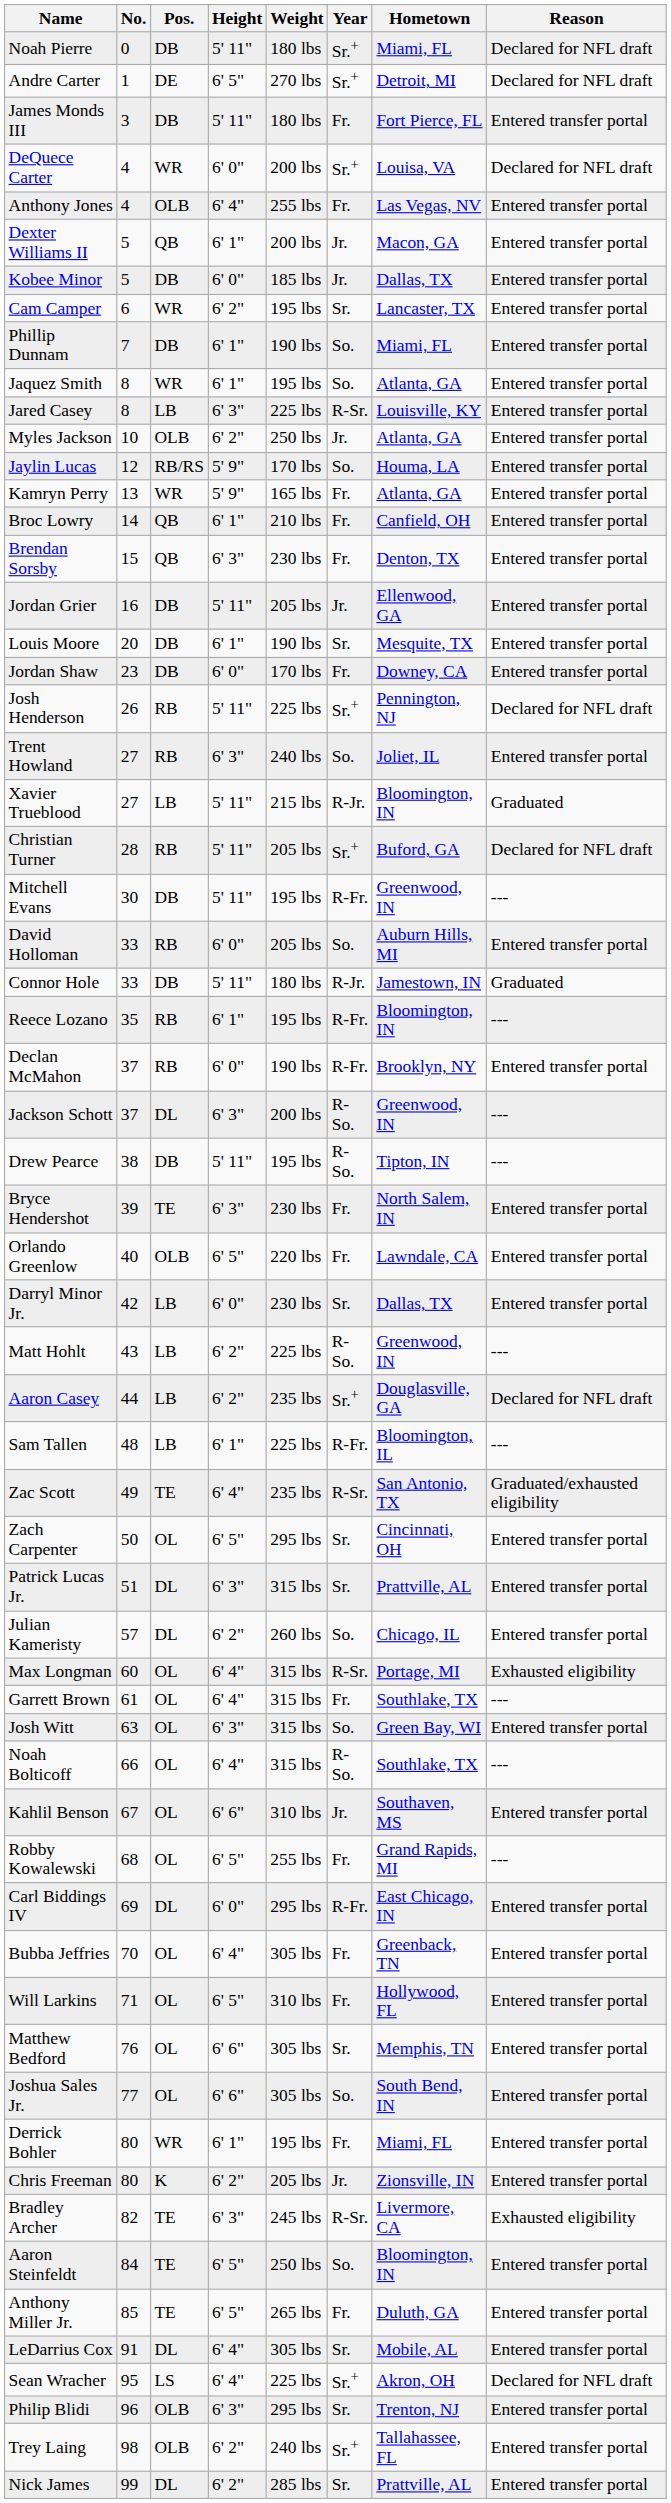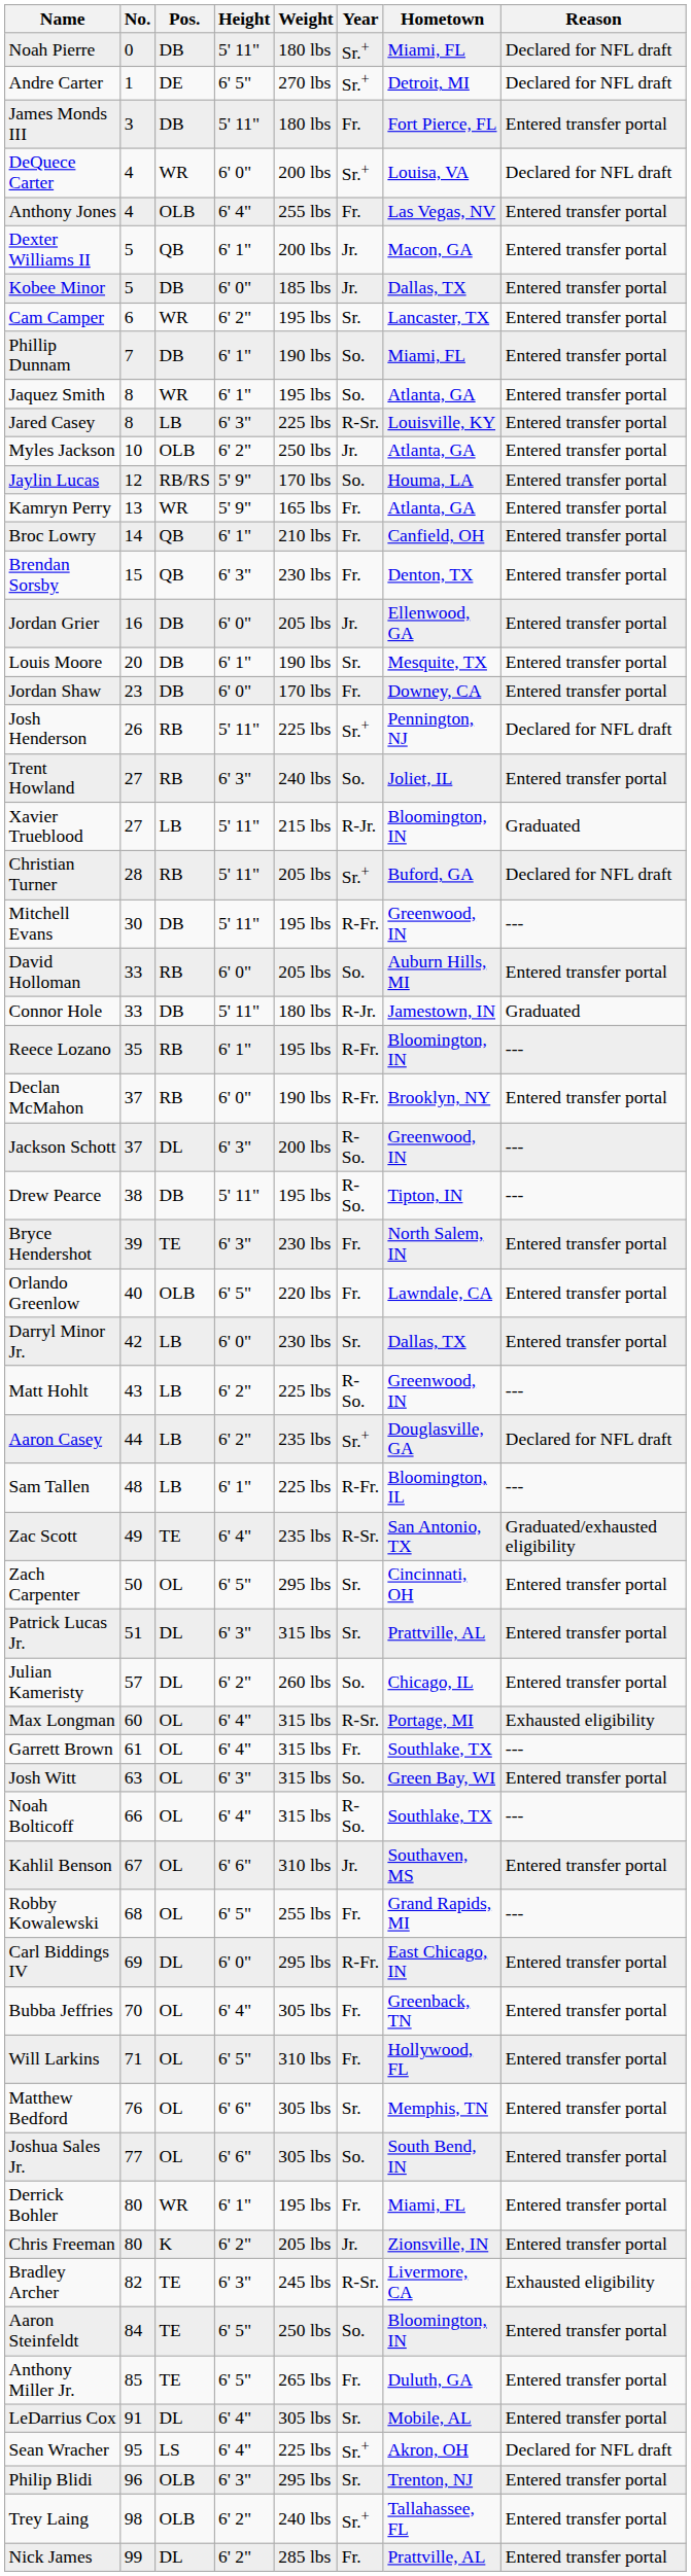 <table class="wikitable sortable" style="text-align:left">
 <tr>
 <th>Name</th>
 <th>No.</th>
 <th>Pos.</th>
 <th>Height</th>
 <th>Weight</th>
 <th>Year</th>
 <th>Hometown</th>
 <th>Reason</th>
 </tr>
 <tr style="background:#eeeeee;">
 <td>Noah Pierre</td>
 <td>0</td>
 <td>DB</td>
 <td>5' 11"</td>
 <td>180 lbs</td>
 <td> Sr.<sup>+</sup></td>
 <td><a href='#'>Miami, FL</a></td>
 <td>Declared for NFL draft</td>
 </tr>
 <tr>
 <td>Andre Carter</td>
 <td>1</td>
 <td>DE</td>
 <td>6' 5"</td>
 <td>270 lbs</td>
 <td> Sr.<sup>+</sup></td>
 <td><a href='#'>Detroit, MI</a></td>
 <td>Declared for NFL draft</td>
 </tr>
 <tr style="background:#eeeeee;">
 <td>James Monds III</td>
 <td>3</td>
 <td>DB</td>
 <td>5' 11"</td>
 <td>180 lbs</td>
 <td> Fr.</td>
 <td><a href='#'>Fort Pierce, FL</a></td>
 <td>Entered transfer portal</td>
 </tr>
 <tr>
 <td><a href='#'>DeQuece Carter</a></td>
 <td>4</td>
 <td>WR</td>
 <td>6' 0"</td>
 <td>200 lbs</td>
 <td>Sr.<sup>+</sup></td>
 <td><a href='#'>Louisa, VA</a></td>
 <td>Declared for NFL draft</td>
 </tr>
 <tr style="background:#eeeeee;">
 <td>Anthony Jones</td>
 <td>4</td>
 <td>OLB</td>
 <td>6' 4"</td>
 <td>255 lbs</td>
 <td> Fr.</td>
 <td><a href='#'>Las Vegas, NV</a></td>
 <td>Entered transfer portal</td>
 </tr>
 <tr>
 <td><a href='#'>Dexter Williams II</a></td>
 <td>5</td>
 <td>QB</td>
 <td>6' 1"</td>
 <td>200 lbs</td>
 <td> Jr.</td>
 <td><a href='#'>Macon, GA</a></td>
 <td>Entered transfer portal</td>
 </tr>
 <tr style="background:#eeeeee;">
 <td><a href='#'>Kobee Minor</a></td>
 <td>5</td>
 <td>DB</td>
 <td>6' 0"</td>
 <td>185 lbs</td>
 <td> Jr.</td>
 <td><a href='#'>Dallas, TX</a></td>
 <td>Entered transfer portal</td>
 </tr>
 <tr>
 <td><a href='#'>Cam Camper</a></td>
 <td>6</td>
 <td>WR</td>
 <td>6' 2"</td>
 <td>195 lbs</td>
 <td>Sr.</td>
 <td><a href='#'>Lancaster, TX</a></td>
 <td>Entered transfer portal</td>
 </tr>
 <tr style="background:#eeeeee;">
 <td>Phillip Dunnam</td>
 <td>7</td>
 <td>DB</td>
 <td>6' 1"</td>
 <td>190 lbs</td>
 <td>So.</td>
 <td><a href='#'>Miami, FL</a></td>
 <td>Entered transfer portal</td>
 </tr>
 <tr>
 <td>Jaquez Smith</td>
 <td>8</td>
 <td>WR</td>
 <td>6' 1"</td>
 <td>195 lbs</td>
 <td> So.</td>
 <td><a href='#'>Atlanta, GA</a></td>
 <td>Entered transfer portal</td>
 </tr>
 <tr style="background:#eeeeee;">
 <td>Jared Casey</td>
 <td>8</td>
 <td>LB</td>
 <td>6' 3"</td>
 <td>225 lbs</td>
 <td>R-Sr.</td>
 <td><a href='#'>Louisville, KY</a></td>
 <td>Entered transfer portal</td>
 </tr>
 <tr>
 <td>Myles Jackson</td>
 <td>10</td>
 <td>OLB</td>
 <td>6' 2"</td>
 <td>250 lbs</td>
 <td> Jr.</td>
 <td><a href='#'>Atlanta, GA</a></td>
 <td>Entered transfer portal</td>
 </tr>
 <tr style="background:#eeeeee;">
 <td><a href='#'>Jaylin Lucas</a></td>
 <td>12</td>
 <td>RB/RS</td>
 <td>5' 9"</td>
 <td>170 lbs</td>
 <td>So.</td>
 <td><a href='#'>Houma, LA</a></td>
 <td>Entered transfer portal</td>
 </tr>
 <tr>
 <td>Kamryn Perry</td>
 <td>13</td>
 <td>WR</td>
 <td>5' 9"</td>
 <td>165 lbs</td>
 <td> Fr.</td>
 <td><a href='#'>Atlanta, GA</a></td>
 <td>Entered transfer portal</td>
 </tr>
 <tr style="background:#eeeeee;">
 <td>Broc Lowry</td>
 <td>14</td>
 <td>QB</td>
 <td>6' 1"</td>
 <td>210 lbs</td>
 <td>Fr.</td>
 <td><a href='#'>Canfield, OH</a></td>
 <td>Entered transfer portal</td>
 </tr>
 <tr>
 <td><a href='#'>Brendan Sorsby</a></td>
 <td>15</td>
 <td>QB</td>
 <td>6' 3"</td>
 <td>230 lbs</td>
 <td> Fr.</td>
 <td><a href='#'>Denton, TX</a></td>
 <td>Entered transfer portal</td>
 </tr>
 <tr style="background:#eeeeee;">
 <td>Jordan Grier</td>
 <td>16</td>
 <td>DB</td>
-<td>5' 11"</td>
+<td>6' 0"</td>
 <td>205 lbs</td>
 <td>Jr.</td>
 <td><a href='#'>Ellenwood, GA</a></td>
 <td>Entered transfer portal</td>
 </tr>
 <tr>
 <td>Louis Moore</td>
 <td>20</td>
 <td>DB</td>
 <td>6' 1"</td>
 <td>190 lbs</td>
 <td>Sr.</td>
 <td><a href='#'>Mesquite, TX</a></td>
 <td>Entered transfer portal</td>
 </tr>
 <tr style="background:#eeeeee;">
 <td>Jordan Shaw</td>
 <td>23</td>
 <td>DB</td>
 <td>6' 0"</td>
 <td>170 lbs</td>
 <td>Fr.</td>
 <td><a href='#'>Downey, CA</a></td>
 <td>Entered transfer portal</td>
 </tr>
 <tr>
 <td>Josh Henderson</td>
 <td>26</td>
 <td>RB</td>
 <td>5' 11"</td>
 <td>225 lbs</td>
 <td>Sr.<sup>+</sup></td>
 <td><a href='#'>Pennington, NJ</a></td>
 <td>Declared for NFL draft</td>
 </tr>
 <tr style="background:#eeeeee;">
 <td>Trent Howland</td>
 <td>27</td>
 <td>RB</td>
 <td>6' 3"</td>
 <td>240 lbs</td>
 <td> So.</td>
 <td><a href='#'>Joliet, IL</a></td>
 <td>Entered transfer portal</td>
 </tr>
 <tr>
 <td>Xavier Trueblood</td>
 <td>27</td>
 <td>LB</td>
 <td>5' 11"</td>
 <td>215 lbs</td>
 <td>R-Jr.</td>
 <td><a href='#'>Bloomington, IN</a></td>
 <td>Graduated</td>
 </tr>
 <tr style="background:#eeeeee;">
 <td>Christian Turner</td>
 <td>28</td>
 <td>RB</td>
 <td>5' 11"</td>
 <td>205 lbs</td>
 <td> Sr.<sup>+</sup></td>
 <td><a href='#'>Buford, GA</a></td>
 <td>Declared for NFL draft</td>
 </tr>
 <tr>
 <td>Mitchell Evans</td>
 <td>30</td>
 <td>DB</td>
 <td>5' 11"</td>
 <td>195 lbs</td>
 <td>R-Fr.</td>
 <td><a href='#'>Greenwood, IN</a></td>
 <td>---</td>
 </tr>
 <tr style="background:#eeeeee;">
 <td>David Holloman</td>
 <td>33</td>
 <td>RB</td>
 <td>6' 0"</td>
 <td>205 lbs</td>
 <td> So.</td>
 <td><a href='#'>Auburn Hills, MI</a></td>
 <td>Entered transfer portal</td>
 </tr>
 <tr>
 <td>Connor Hole</td>
 <td>33</td>
 <td>DB</td>
 <td>5' 11"</td>
 <td>180 lbs</td>
 <td>R-Jr.</td>
 <td><a href='#'>Jamestown, IN</a></td>
 <td>Graduated</td>
 </tr>
 <tr style="background:#eeeeee;">
 <td>Reece Lozano</td>
 <td>35</td>
 <td>RB</td>
 <td>6' 1"</td>
 <td>195 lbs</td>
 <td>R-Fr.</td>
 <td><a href='#'>Bloomington, IN</a></td>
 <td>---</td>
 </tr>
 <tr>
 <td>Declan McMahon</td>
 <td>37</td>
 <td>RB</td>
 <td>6' 0"</td>
 <td>190 lbs</td>
 <td>R-Fr.</td>
 <td><a href='#'>Brooklyn, NY</a></td>
 <td>Entered transfer portal</td>
 </tr>
 <tr style="background:#eeeeee;">
 <td>Jackson Schott</td>
 <td>37</td>
 <td>DL</td>
 <td>6' 3"</td>
 <td>200 lbs</td>
 <td>R-So.</td>
 <td><a href='#'>Greenwood, IN</a></td>
 <td>---</td>
 </tr>
 <tr>
 <td>Drew Pearce</td>
 <td>38</td>
 <td>DB</td>
 <td>5' 11"</td>
 <td>195 lbs</td>
 <td>R-So.</td>
 <td><a href='#'>Tipton, IN</a></td>
 <td>---</td>
 </tr>
 <tr style="background:#eeeeee;">
 <td>Bryce Hendershot</td>
 <td>39</td>
 <td>TE</td>
 <td>6' 3"</td>
 <td>230 lbs</td>
 <td>Fr.</td>
 <td><a href='#'>North Salem, IN</a></td>
 <td>Entered transfer portal</td>
 </tr>
 <tr>
 <td>Orlando Greenlow</td>
 <td>40</td>
 <td>OLB</td>
 <td>6' 5"</td>
 <td>220 lbs</td>
 <td>Fr.</td>
 <td><a href='#'>Lawndale, CA</a></td>
 <td>Entered transfer portal</td>
 </tr>
 <tr style="background:#eeeeee;">
 <td>Darryl Minor Jr.</td>
 <td>42</td>
 <td>LB</td>
 <td>6' 0"</td>
 <td>230 lbs</td>
 <td>Sr.</td>
 <td><a href='#'>Dallas, TX</a></td>
 <td>Entered transfer portal</td>
 </tr>
 <tr>
 <td>Matt Hohlt</td>
 <td>43</td>
 <td>LB</td>
 <td>6' 2"</td>
 <td>225 lbs</td>
 <td>R-So.</td>
 <td><a href='#'>Greenwood, IN</a></td>
 <td>---</td>
 </tr>
 <tr style="background:#eeeeee;">
 <td><a href='#'>Aaron Casey</a></td>
 <td>44</td>
 <td>LB</td>
 <td>6' 2"</td>
 <td>235 lbs</td>
 <td> Sr.<sup>+</sup></td>
 <td><a href='#'>Douglasville, GA</a></td>
 <td>Declared for NFL draft</td>
 </tr>
 <tr>
 <td>Sam Tallen</td>
 <td>48</td>
 <td>LB</td>
 <td>6' 1"</td>
 <td>225 lbs</td>
 <td>R-Fr.</td>
 <td><a href='#'>Bloomington, IL</a></td>
 <td>---</td>
 </tr>
 <tr style="background:#eeeeee;">
 <td>Zac Scott</td>
 <td>49</td>
 <td>TE</td>
 <td>6' 4"</td>
 <td>235 lbs</td>
 <td>R-Sr.</td>
 <td><a href='#'>San Antonio, TX</a></td>
 <td>Graduated/exhausted eligibility</td>
 </tr>
 <tr>
 <td>Zach Carpenter</td>
 <td>50</td>
 <td>OL</td>
 <td>6' 5"</td>
 <td>295 lbs</td>
 <td> Sr.</td>
 <td><a href='#'>Cincinnati, OH</a></td>
 <td>Entered transfer portal</td>
 </tr>
 <tr style="background:#eeeeee;">
 <td>Patrick Lucas Jr.</td>
 <td>51</td>
 <td>DL</td>
 <td>6' 3"</td>
 <td>315 lbs</td>
 <td> Sr.</td>
 <td><a href='#'>Prattville, AL</a></td>
 <td>Entered transfer portal</td>
 </tr>
 <tr>
 <td>Julian Kameristy</td>
 <td>57</td>
 <td>DL</td>
 <td>6' 2"</td>
 <td>260 lbs</td>
 <td> So.</td>
 <td><a href='#'>Chicago, IL</a></td>
 <td>Entered transfer portal</td>
 </tr>
 <tr style="background:#eeeeee;">
 <td>Max Longman</td>
 <td>60</td>
 <td>OL</td>
 <td>6' 4"</td>
 <td>315 lbs</td>
 <td>R-Sr.</td>
 <td><a href='#'>Portage, MI</a></td>
 <td>Exhausted eligibility</td>
 </tr>
 <tr>
 <td>Garrett Brown</td>
 <td>61</td>
 <td>OL</td>
 <td>6' 4"</td>
 <td>315 lbs</td>
 <td>Fr.</td>
 <td><a href='#'>Southlake, TX</a></td>
 <td>---</td>
 </tr>
 <tr style="background:#eeeeee;">
 <td>Josh Witt</td>
 <td>63</td>
 <td>OL</td>
 <td>6' 3"</td>
 <td>315 lbs</td>
 <td>So.</td>
 <td><a href='#'>Green Bay, WI</a></td>
 <td>Entered transfer portal</td>
 </tr>
 <tr>
 <td>Noah Bolticoff</td>
 <td>66</td>
 <td>OL</td>
 <td>6' 4"</td>
 <td>315 lbs</td>
 <td>R-So.</td>
 <td><a href='#'>Southlake, TX</a></td>
 <td>---</td>
 </tr>
 <tr style="background:#eeeeee;">
 <td>Kahlil Benson</td>
 <td>67</td>
 <td>OL</td>
 <td>6' 6"</td>
 <td>310 lbs</td>
 <td> Jr.</td>
 <td><a href='#'>Southaven, MS</a></td>
 <td>Entered transfer portal</td>
 </tr>
 <tr>
 <td>Robby Kowalewski</td>
 <td>68</td>
 <td>OL</td>
 <td>6' 5"</td>
 <td>255 lbs</td>
 <td>Fr.</td>
 <td><a href='#'>Grand Rapids, MI</a></td>
 <td>---</td>
 </tr>
 <tr style="background:#eeeeee;">
 <td>Carl Biddings IV</td>
 <td>69</td>
 <td>DL</td>
 <td>6' 0"</td>
 <td>295 lbs</td>
 <td>R-Fr.</td>
 <td><a href='#'>East Chicago, IN</a></td>
 <td>Entered transfer portal</td>
 </tr>
 <tr>
 <td>Bubba Jeffries</td>
 <td>70</td>
 <td>OL</td>
 <td>6' 4"</td>
 <td>305 lbs</td>
 <td>Fr.</td>
 <td><a href='#'>Greenback, TN</a></td>
 <td>Entered transfer portal</td>
 </tr>
 <tr style="background:#eeeeee;">
 <td>Will Larkins</td>
 <td>71</td>
 <td>OL</td>
 <td>6' 5"</td>
 <td>310 lbs</td>
 <td>Fr.</td>
 <td><a href='#'>Hollywood, FL</a></td>
 <td>Entered transfer portal</td>
 </tr>
 <tr>
 <td>Matthew Bedford</td>
 <td>76</td>
 <td>OL</td>
 <td>6' 6"</td>
 <td>305 lbs</td>
 <td> Sr.</td>
 <td><a href='#'>Memphis, TN</a></td>
 <td>Entered transfer portal</td>
 </tr>
 <tr style="background:#eeeeee;">
 <td>Joshua Sales Jr.</td>
 <td>77</td>
 <td>OL</td>
 <td>6' 6"</td>
 <td>305 lbs</td>
 <td> So.</td>
 <td><a href='#'>South Bend, IN</a></td>
 <td>Entered transfer portal</td>
 </tr>
 <tr>
 <td>Derrick Bohler</td>
 <td>80</td>
 <td>WR</td>
 <td>6' 1"</td>
 <td>195 lbs</td>
 <td>Fr.</td>
 <td><a href='#'>Miami, FL</a></td>
 <td>Entered transfer portal</td>
 </tr>
 <tr style="background:#eeeeee;">
 <td>Chris Freeman</td>
 <td>80</td>
 <td>K</td>
 <td>6' 2"</td>
 <td>205 lbs</td>
 <td> Jr.</td>
 <td><a href='#'>Zionsville, IN</a></td>
 <td>Entered transfer portal</td>
 </tr>
 <tr>
 <td>Bradley Archer</td>
 <td>82</td>
 <td>TE</td>
 <td>6' 3"</td>
 <td>245 lbs</td>
 <td>R-Sr.</td>
 <td><a href='#'>Livermore, CA</a></td>
 <td>Exhausted eligibility</td>
 </tr>
 <tr style="background:#eeeeee;">
 <td>Aaron Steinfeldt</td>
 <td>84</td>
 <td>TE</td>
 <td>6' 5"</td>
 <td>250 lbs</td>
 <td> So.</td>
 <td><a href='#'>Bloomington, IN</a></td>
 <td>Entered transfer portal</td>
 </tr>
 <tr>
 <td>Anthony Miller Jr.</td>
 <td>85</td>
 <td>TE</td>
 <td>6' 5"</td>
 <td>265 lbs</td>
 <td>Fr.</td>
 <td><a href='#'>Duluth, GA</a></td>
 <td>Entered transfer portal</td>
 </tr>
 <tr style="background:#eeeeee;">
 <td>LeDarrius Cox</td>
 <td>91</td>
 <td>DL</td>
 <td>6' 4"</td>
 <td>305 lbs</td>
 <td> Sr.</td>
 <td><a href='#'>Mobile, AL</a></td>
 <td>Entered transfer portal</td>
 </tr>
 <tr>
 <td>Sean Wracher</td>
 <td>95</td>
 <td>LS</td>
 <td>6' 4"</td>
 <td>225 lbs</td>
 <td>Sr.<sup>+</sup></td>
 <td><a href='#'>Akron, OH</a></td>
 <td>Declared for NFL draft</td>
 </tr>
 <tr style="background:#eeeeee;">
 <td>Philip Blidi</td>
 <td>96</td>
 <td>OLB</td>
 <td>6' 3"</td>
 <td>295 lbs</td>
 <td>Sr.</td>
 <td><a href='#'>Trenton, NJ</a></td>
 <td>Entered transfer portal</td>
 </tr>
 <tr>
 <td>Trey Laing</td>
 <td>98</td>
 <td>OLB</td>
 <td>6' 2"</td>
 <td>240 lbs</td>
 <td>Sr.<sup>+</sup></td>
 <td><a href='#'>Tallahassee, FL</a></td>
 <td>Entered transfer portal</td>
 </tr>
 <tr style="background:#eeeeee;">
 <td>Nick James</td>
 <td>99</td>
 <td>DL</td>
 <td>6' 2"</td>
 <td>285 lbs</td>
-<td> Sr.</td>
+<td> Fr.</td>
 <td><a href='#'>Prattville, AL</a></td>
 <td>Entered transfer portal</td>
 </tr>
 </table>
